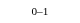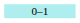 <table style="text-align:center">
 <tr>
 <th width=200></th>
 <th width=100></th>
 <th width=200></th>
 </tr>
 <tr>
 <td align=right></td>
-<td>0–1</td>
+<td style="background: paleturquoise;">0–1</td>
 <td align=left></td>
 </tr>
 </table>
